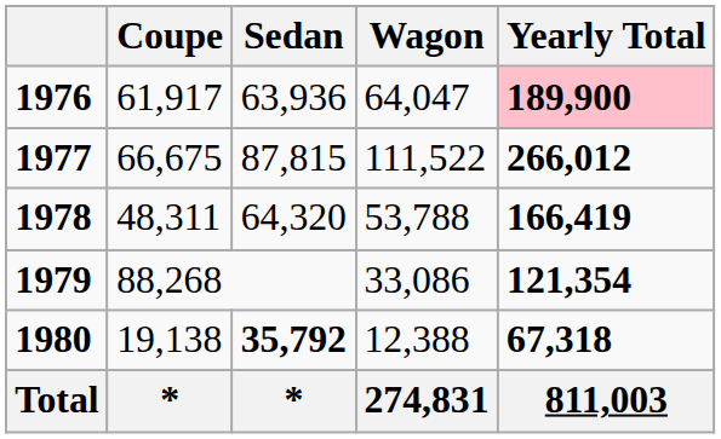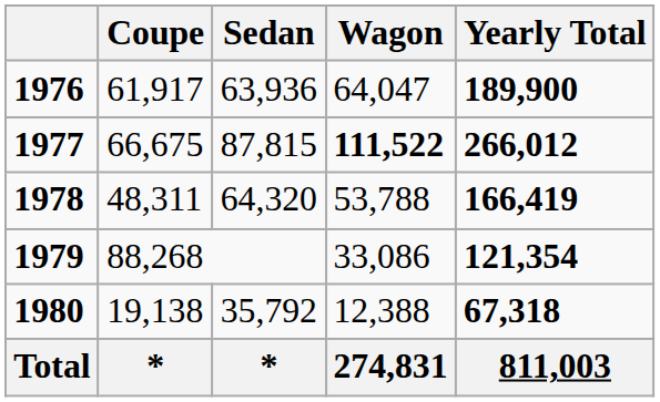 <table class="wikitable">
 <tr>
 <th></th>
 <th>Coupe</th>
 <th>Sedan</th>
 <th>Wagon</th>
 <th>Yearly Total</th>
 </tr>
 <tr>
 <td><strong>1976</strong></td>
 <td>61,917</td>
 <td>63,936</td>
 <td>64,047</td>
-<td style="background: pink;"><strong>189,900</strong></td>
+<td><strong>189,900</strong></td>
 </tr>
 <tr>
 <td><strong>1977</strong></td>
 <td>66,675</td>
 <td>87,815</td>
-<td>111,522</td>
+<td><strong>111,522</strong></td>
 <td><strong>266,012</strong></td>
 </tr>
 <tr>
 <td><strong>1978</strong></td>
 <td>48,311</td>
 <td>64,320</td>
 <td>53,788</td>
 <td><strong>166,419</strong></td>
 </tr>
 <tr>
 <td><strong>1979</strong></td>
 <td colspan="2">88,268</td>
 <td>33,086</td>
 <td><strong>121,354</strong></td>
 </tr>
 <tr>
 <td><strong>1980</strong></td>
 <td>19,138</td>
-<td><strong>35,792</strong></td>
+<td>35,792</td>
 <td>12,388</td>
 <td><strong>67,318</strong></td>
 </tr>
 <tr>
 <th>Total</th>
 <th>*</th>
 <th>*</th>
 <th>274,831</th>
 <th><u>811,003</u></th>
 </tr>
 </table>
